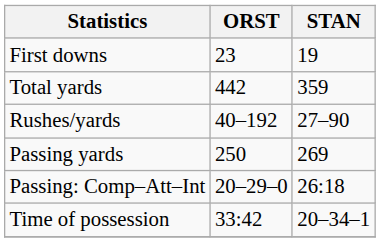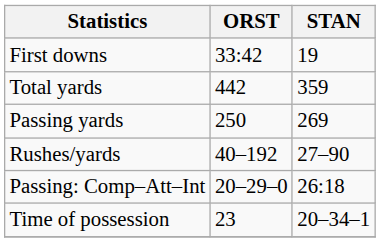 <table class="wikitable" style="float: left;">
 <tr>
 <th>Statistics</th>
 <th>ORST</th>
 <th>STAN</th>
 </tr>
 <tr>
 <td>First downs</td>
-<td>23</td>
+<td>33:42</td>
 <td>19</td>
 </tr>
 <tr>
 <td>Total yards</td>
 <td>442</td>
 <td>359</td>
 </tr>
 <tr>
+<td>Passing yards</td>
+<td>250</td>
+<td>269</td>
+</tr>
+<tr>
 <td>Rushes/yards</td>
 <td>40–192</td>
 <td>27–90</td>
-</tr>
-<tr>
-<td>Passing yards</td>
-<td>250</td>
-<td>269</td>
 </tr>
 <tr>
 <td>Passing: Comp–Att–Int</td>
 <td>20–29–0</td>
 <td>26:18</td>
 </tr>
 <tr>
 <td>Time of possession</td>
-<td>33:42</td>
+<td>23</td>
 <td>20–34–1</td>
 </tr>
 <tr>
 </tr>
 </table>
